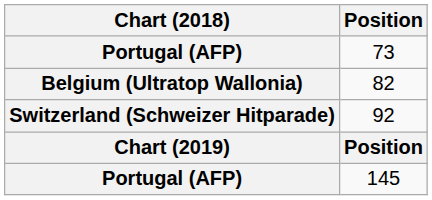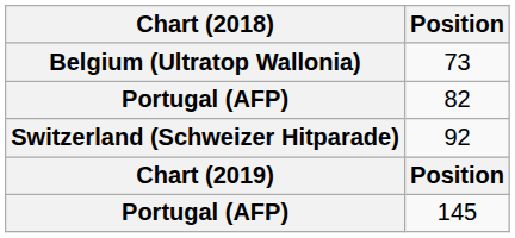 <table class="wikitable sortable plainrowheaders" style="text-align:center">
 <tr>
 <th scope="col">Chart (2018)</th>
 <th scope="col">Position</th>
 </tr>
 <tr>
-<th scope="row">Portugal (AFP)</th>
+<th scope="row">Belgium (Ultratop Wallonia)</th>
 <td>73</td>
 </tr>
 <tr>
-<th scope="row">Belgium (Ultratop Wallonia)</th>
+<th scope="row">Portugal (AFP)</th>
 <td>82</td>
 </tr>
 <tr>
 <th scope="row">Switzerland (Schweizer Hitparade)</th>
 <td>92</td>
 </tr>
 <tr>
 <th scope="col">Chart (2019)</th>
 <th scope="col">Position</th>
 </tr>
 <tr>
 <th scope="row">Portugal (AFP)</th>
 <td>145</td>
 </tr>
 </table>
